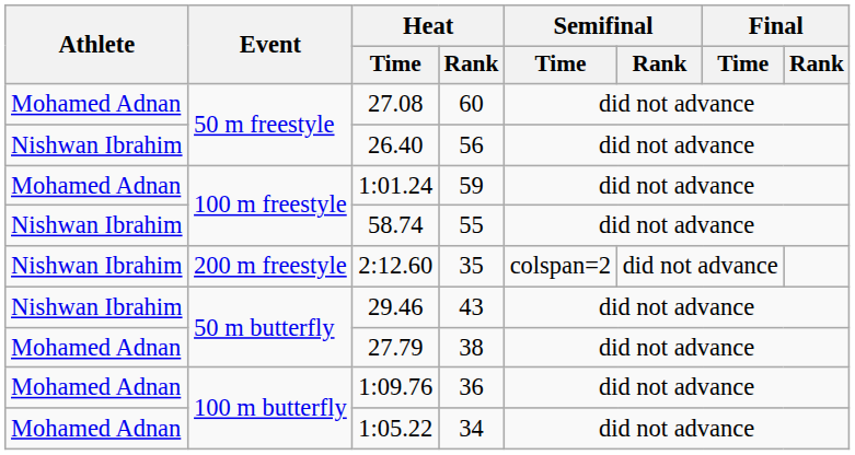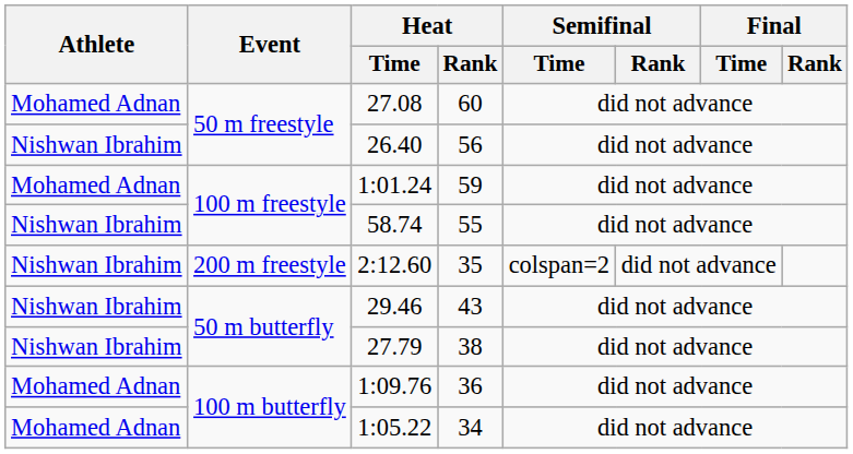 <table class=wikitable style="font-size:90%">
 <tr>
 <th rowspan=2>Athlete</th>
 <th rowspan=2>Event</th>
 <th colspan="2">Heat</th>
 <th colspan="2">Semifinal</th>
 <th colspan="2">Final</th>
 </tr>
 <tr style="font-size:95%">
 <th>Time</th>
 <th>Rank</th>
 <th>Time</th>
 <th>Rank</th>
 <th>Time</th>
 <th>Rank</th>
 </tr>
 <tr align=center>
 <td align=left><a href='#'>Mohamed Adnan</a></td>
 <td align=left rowspan=2><a href='#'>50 m freestyle</a></td>
 <td>27.08</td>
 <td>60</td>
 <td colspan=4>did not advance</td>
 </tr>
 <tr align=center>
 <td align=left><a href='#'>Nishwan Ibrahim</a></td>
 <td>26.40</td>
 <td>56</td>
 <td colspan=4>did not advance</td>
 </tr>
 <tr align=center>
 <td align=left><a href='#'>Mohamed Adnan</a></td>
 <td align=left rowspan=2><a href='#'>100 m freestyle</a></td>
 <td>1:01.24</td>
 <td>59</td>
 <td colspan=4>did not advance</td>
 </tr>
 <tr align=center>
 <td align=left><a href='#'>Nishwan Ibrahim</a></td>
 <td>58.74</td>
 <td>55</td>
 <td colspan=4>did not advance</td>
 </tr>
 <tr align=center>
 <td align=left><a href='#'>Nishwan Ibrahim</a></td>
 <td align=left><a href='#'>200 m freestyle</a></td>
 <td>2:12.60</td>
 <td>35</td>
 <td>colspan=2 </td>
 <td colspan=2>did not advance</td>
 </tr>
 <tr align=center>
 <td align=left><a href='#'>Nishwan Ibrahim</a></td>
 <td align=left rowspan=2><a href='#'>50 m butterfly</a></td>
 <td>29.46</td>
 <td>43</td>
 <td colspan=4>did not advance</td>
 </tr>
 <tr align=center>
-<td align=left><a href='#'>Mohamed Adnan</a></td>
+<td align=left><a href='#'>Nishwan Ibrahim</a></td>
 <td>27.79</td>
 <td>38</td>
 <td colspan=4>did not advance</td>
 </tr>
 <tr align=center>
 <td align=left><a href='#'>Mohamed Adnan</a></td>
 <td align=left rowspan=2><a href='#'>100 m butterfly</a></td>
 <td>1:09.76</td>
 <td>36</td>
 <td colspan=4>did not advance</td>
 </tr>
 <tr align=center>
 <td align=left><a href='#'>Mohamed Adnan</a></td>
 <td>1:05.22</td>
 <td>34</td>
 <td colspan=4>did not advance</td>
 </tr>
 </table>
